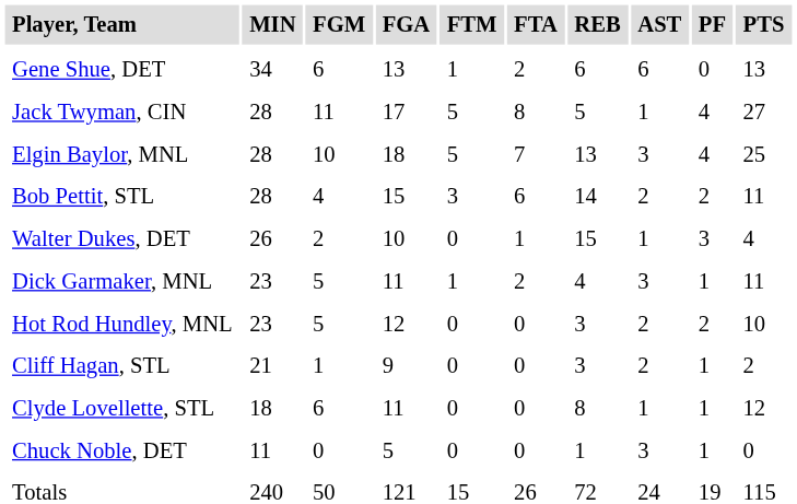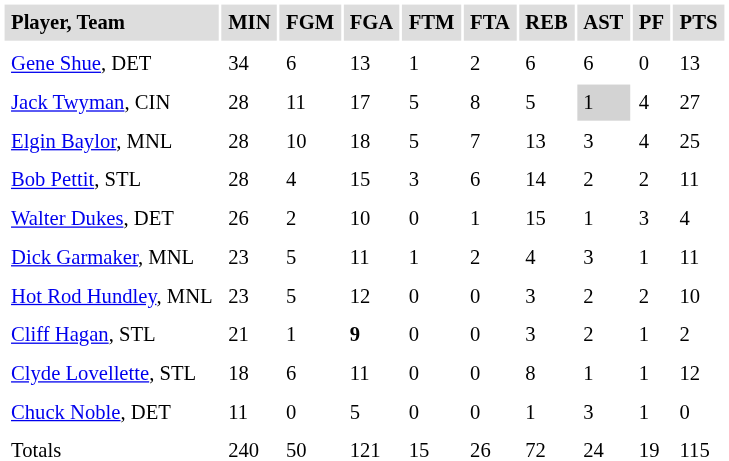 <table cellpadding=5>
 <tr bgcolor="#dddddd">
 <td><strong>Player, Team</strong></td>
 <td><strong>MIN</strong></td>
 <td><strong>FGM</strong></td>
 <td><strong>FGA</strong></td>
 <td><strong>FTM</strong></td>
 <td><strong>FTA</strong></td>
 <td><strong>REB</strong></td>
 <td><strong>AST</strong></td>
 <td><strong>PF</strong></td>
 <td><strong>PTS</strong></td>
 </tr>
 <tr bgcolor="#eeeeee">
 </tr>
 <tr>
 <td><a href='#'>Gene Shue</a>, DET</td>
 <td>34</td>
 <td>6</td>
 <td>13</td>
 <td>1</td>
 <td>2</td>
 <td>6</td>
 <td>6</td>
 <td>0</td>
 <td>13</td>
 </tr>
 <tr>
 <td><a href='#'>Jack Twyman</a>, CIN</td>
 <td>28</td>
 <td>11</td>
 <td>17</td>
 <td>5</td>
 <td>8</td>
 <td>5</td>
-<td>1</td>
+<td style="background: lightgrey;">1</td>
 <td>4</td>
 <td>27</td>
 </tr>
 <tr>
 <td><a href='#'>Elgin Baylor</a>, MNL</td>
 <td>28</td>
 <td>10</td>
 <td>18</td>
 <td>5</td>
 <td>7</td>
 <td>13</td>
 <td>3</td>
 <td>4</td>
 <td>25</td>
 </tr>
 <tr>
 <td><a href='#'>Bob Pettit</a>, STL</td>
 <td>28</td>
 <td>4</td>
 <td>15</td>
 <td>3</td>
 <td>6</td>
 <td>14</td>
 <td>2</td>
 <td>2</td>
 <td>11</td>
 </tr>
 <tr>
 <td><a href='#'>Walter Dukes</a>, DET</td>
 <td>26</td>
 <td>2</td>
 <td>10</td>
 <td>0</td>
 <td>1</td>
 <td>15</td>
 <td>1</td>
 <td>3</td>
 <td>4</td>
 </tr>
 <tr>
 <td><a href='#'>Dick Garmaker</a>, MNL</td>
 <td>23</td>
 <td>5</td>
 <td>11</td>
 <td>1</td>
 <td>2</td>
 <td>4</td>
 <td>3</td>
 <td>1</td>
 <td>11</td>
 </tr>
 <tr>
 <td><a href='#'>Hot Rod Hundley</a>, MNL</td>
 <td>23</td>
 <td>5</td>
 <td>12</td>
 <td>0</td>
 <td>0</td>
 <td>3</td>
 <td>2</td>
 <td>2</td>
 <td>10</td>
 </tr>
 <tr>
 <td><a href='#'>Cliff Hagan</a>, STL</td>
 <td>21</td>
 <td>1</td>
-<td>9</td>
+<td><strong>9</strong></td>
 <td>0</td>
 <td>0</td>
 <td>3</td>
 <td>2</td>
 <td>1</td>
 <td>2</td>
 </tr>
 <tr>
 <td><a href='#'>Clyde Lovellette</a>, STL</td>
 <td>18</td>
 <td>6</td>
 <td>11</td>
 <td>0</td>
 <td>0</td>
 <td>8</td>
 <td>1</td>
 <td>1</td>
 <td>12</td>
 </tr>
 <tr>
 <td><a href='#'>Chuck Noble</a>, DET</td>
 <td>11</td>
 <td>0</td>
 <td>5</td>
 <td>0</td>
 <td>0</td>
 <td>1</td>
 <td>3</td>
 <td>1</td>
 <td>0</td>
 </tr>
 <tr>
 <td>Totals</td>
 <td>240</td>
 <td>50</td>
 <td>121</td>
 <td>15</td>
 <td>26</td>
 <td>72</td>
 <td>24</td>
 <td>19</td>
 <td>115</td>
 </tr>
 <tr>
 </tr>
 </table>
